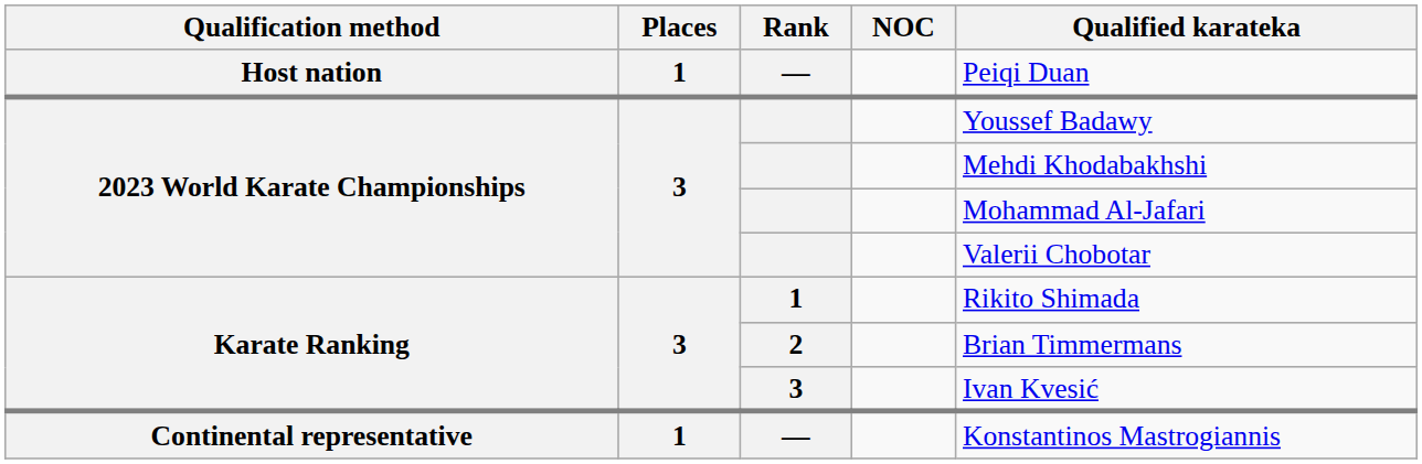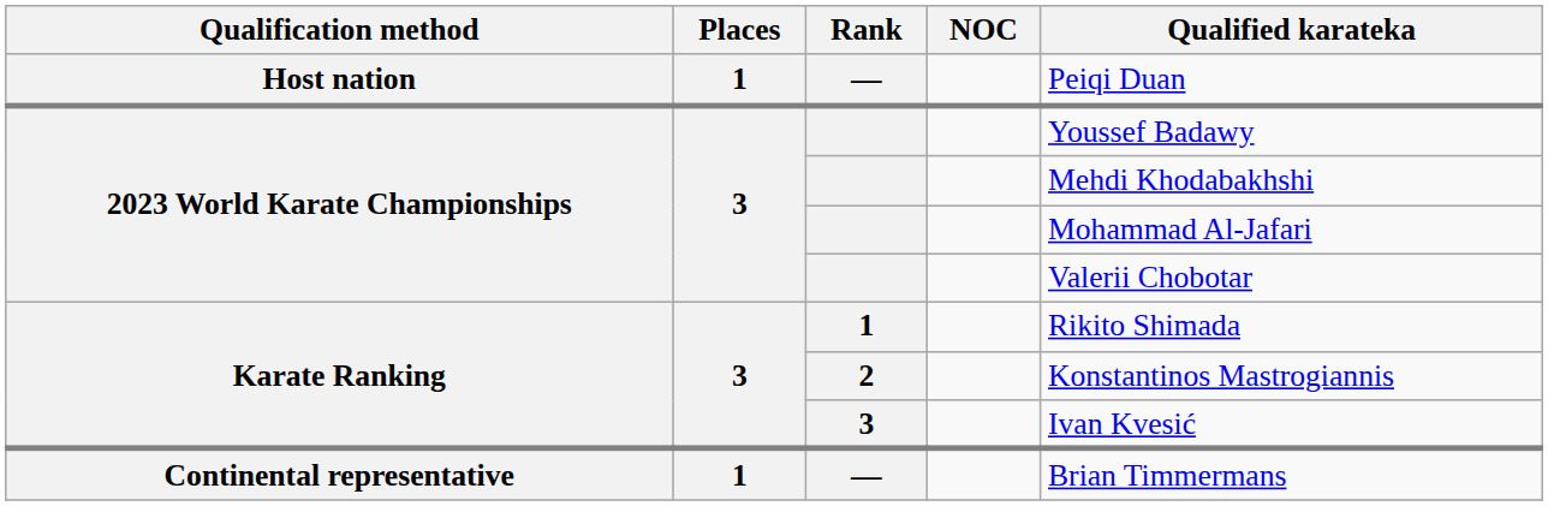 <table class="wikitable" width=800>
 <tr>
 <th>Qualification method</th>
 <th>Places</th>
 <th>Rank</th>
 <th>NOC</th>
 <th>Qualified karateka</th>
 </tr>
 <tr style="border-bottom: 3px solid grey;">
 <th>Host nation</th>
 <th>1</th>
 <th>—</th>
 <td></td>
 <td><a href='#'>Peiqi Duan</a></td>
 </tr>
 <tr>
 <th rowspan=4>2023 World Karate Championships</th>
 <th rowspan=4>3</th>
 <th></th>
 <td></td>
 <td><a href='#'>Youssef Badawy</a></td>
 </tr>
 <tr>
 <th></th>
 <td></td>
 <td><a href='#'>Mehdi Khodabakhshi</a></td>
 </tr>
 <tr>
 <th></th>
 <td></td>
 <td><a href='#'>Mohammad Al-Jafari</a></td>
 </tr>
 <tr>
 <th></th>
 <td></td>
 <td><a href='#'>Valerii Chobotar</a></td>
 </tr>
 <tr>
 <th rowspan=3>Karate Ranking</th>
 <th rowspan=3>3</th>
 <th>1</th>
 <td></td>
 <td><a href='#'>Rikito Shimada</a></td>
 </tr>
 <tr>
 <th>2</th>
 <td></td>
-<td><a href='#'>Brian Timmermans</a></td>
+<td><a href='#'>Konstantinos Mastrogiannis</a></td>
 </tr>
 <tr>
 <th>3</th>
 <td></td>
 <td><a href='#'>Ivan Kvesić</a></td>
 </tr>
 <tr>
 </tr>
 <tr style="border-top: 3px solid grey;">
 <th rowspan=5>Continental representative</th>
 <th>1</th>
 <th>—</th>
 <td></td>
-<td><a href='#'>Konstantinos Mastrogiannis</a></td>
+<td><a href='#'>Brian Timmermans</a></td>
 </tr>
 </table>
